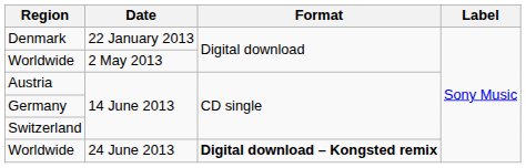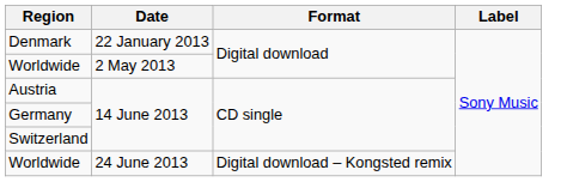 <table class=wikitable>
 <tr>
 <th scope="col">Region</th>
 <th scope="col">Date</th>
 <th scope="col">Format</th>
 <th scope="col">Label</th>
 </tr>
 <tr>
 <td>Denmark</td>
 <td>22 January 2013</td>
 <td rowspan="2">Digital download</td>
 <td rowspan="6"><a href='#'>Sony Music</a></td>
 </tr>
 <tr>
 <td>Worldwide</td>
 <td>2 May 2013</td>
 </tr>
 <tr>
 <td>Austria</td>
 <td rowspan="3">14 June 2013</td>
 <td rowspan="3">CD single</td>
 </tr>
 <tr>
 <td>Germany</td>
 </tr>
 <tr>
 <td>Switzerland</td>
 </tr>
 <tr>
 <td>Worldwide</td>
 <td>24 June 2013</td>
-<td><strong>Digital download – Kongsted remix</strong></td>
+<td>Digital download – Kongsted remix</td>
 </tr>
 </table>
